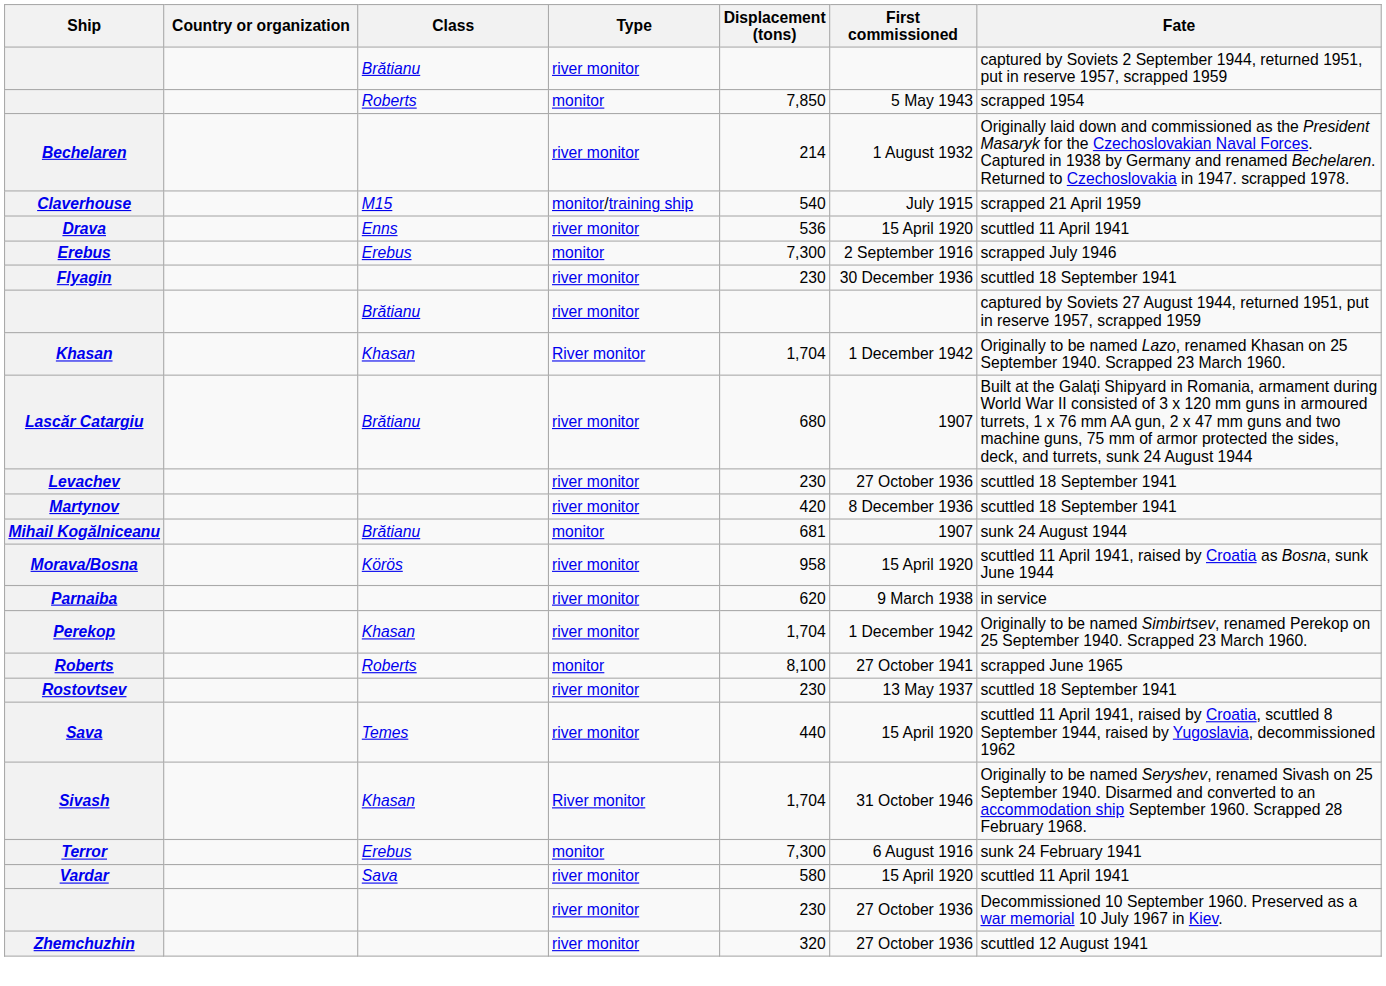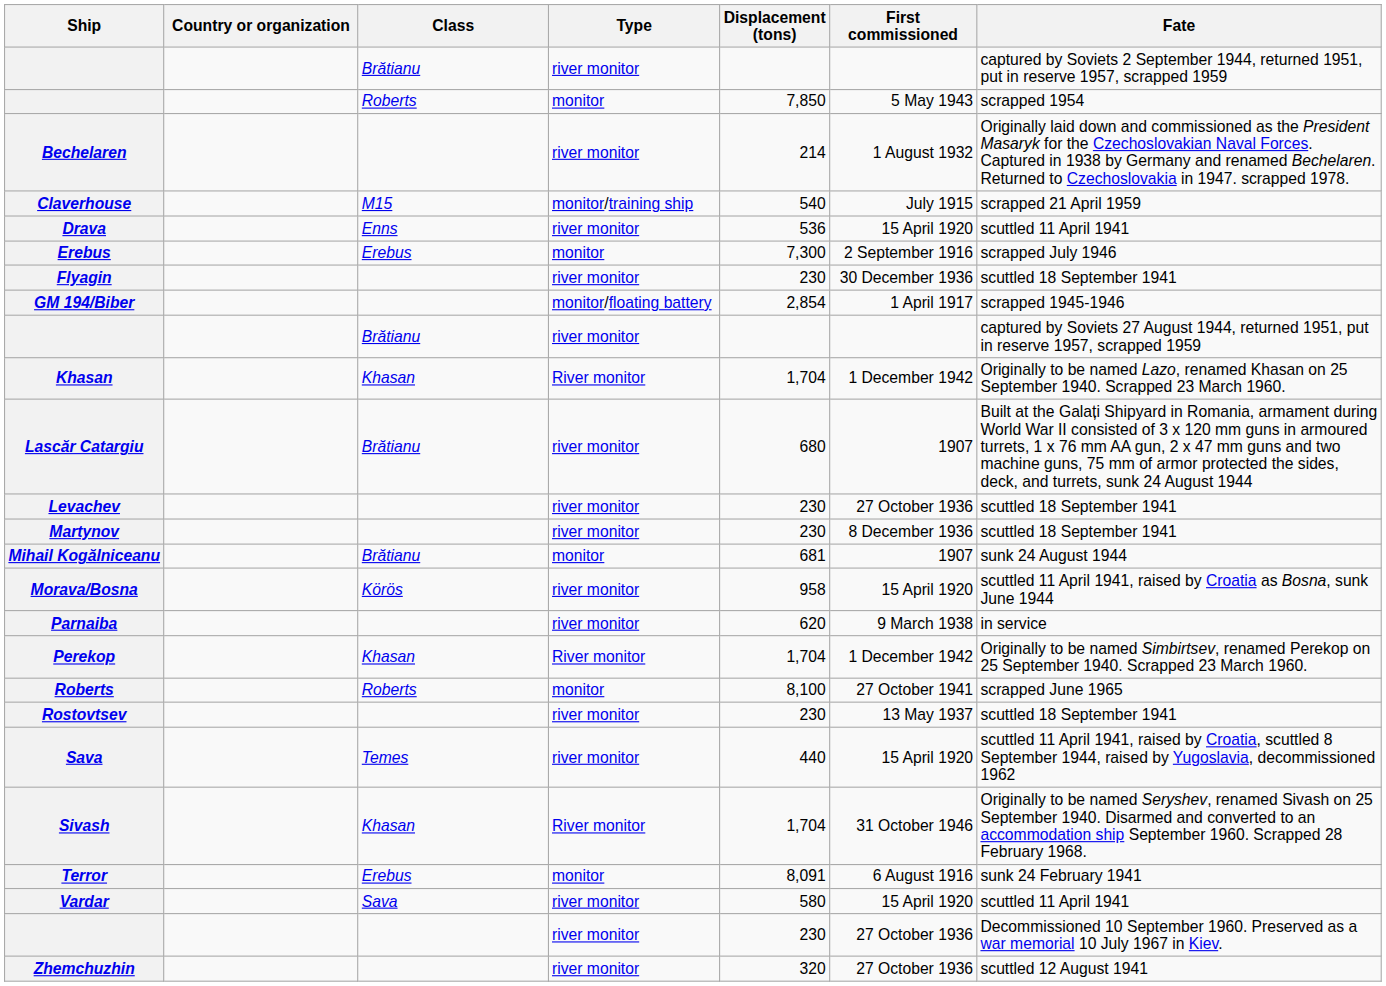 <table class="wikitable sortable plainrowheaders" style="width:100%; font-size: 90%">
 <tr>
 <th scope="col" style="width:12%;">Ship</th>
 <th scope="col" style="width:15%;">Country or organization</th>
 <th scope="col" style="width:15%;">Class</th>
 <th scope="col" style="width:13%;">Type</th>
 <th scope="col" style="width:2%;">Displacement (tons)</th>
 <th scope="col" style="width:11%;">First commissioned</th>
 <th scope="col" style="width:32%;">Fate</th>
 </tr>
 <tr>
 <th scope="row"><em></em></th>
 <td></td>
 <td><em><a href='#'>Brătianu</a></em></td>
 <td><a href='#'>river monitor</a></td>
 <td style="text-align:right;"></td>
 <td style="text-align:right;"></td>
 <td>captured by Soviets 2 September 1944, returned 1951, put in reserve 1957, scrapped 1959</td>
 </tr>
 <tr>
 <th scope="row"></th>
 <td></td>
 <td><em><a href='#'>Roberts</a></em></td>
 <td><a href='#'>monitor</a></td>
 <td style="text-align:right;">7,850</td>
 <td style="text-align:right;">5 May 1943</td>
 <td>scrapped 1954</td>
 </tr>
 <tr>
 <th scope="row"><em><a href='#'>Bechelaren</a></em></th>
 <td></td>
 <td></td>
 <td><a href='#'>river monitor</a></td>
 <td style="text-align:right;">214</td>
 <td style="text-align:right;">1 August 1932</td>
 <td>Originally laid down and commissioned as the <em>President Masaryk</em> for the <a href='#'>Czechoslovakian Naval Forces</a>. Captured in 1938 by Germany and renamed <em>Bechelaren</em>. Returned to <a href='#'>Czechoslovakia</a> in 1947. scrapped 1978.</td>
 </tr>
 <tr>
 <th scope="row"><em><a href='#'>Claverhouse</a></em></th>
 <td></td>
 <td><em><a href='#'>M15</a></em></td>
 <td><a href='#'>monitor</a>/<a href='#'>training ship</a></td>
 <td style="text-align:right;">540</td>
 <td style="text-align:right;">July 1915</td>
 <td>scrapped 21 April 1959</td>
 </tr>
 <tr>
 <th scope="row"><em><a href='#'>Drava</a></em></th>
 <td></td>
 <td><em><a href='#'>Enns</a></em></td>
 <td><a href='#'>river monitor</a></td>
 <td style="text-align:right;">536</td>
 <td style="text-align:right;">15 April 1920</td>
 <td>scuttled 11 April 1941</td>
 </tr>
 <tr>
 <th scope="row"><em><a href='#'>Erebus</a></em></th>
 <td></td>
 <td><em><a href='#'>Erebus</a></em></td>
 <td><a href='#'>monitor</a></td>
 <td style="text-align:right;">7,300</td>
 <td style="text-align:right;">2 September 1916</td>
 <td>scrapped July 1946</td>
 </tr>
 <tr>
 <th scope="row"><a href='#'><em>Flyagin</em></a></th>
 <td></td>
 <td><em></em></td>
 <td><a href='#'>river monitor</a></td>
 <td style="text-align:right;">230</td>
 <td style="text-align:right;">30 December 1936</td>
 <td>scuttled 18 September 1941</td>
 </tr>
 <tr>
+<th scope="row"><em><a href='#'>GM 194/Biber</a></em></th>
+<td><br></td>
+<td></td>
+<td><a href='#'>monitor</a>/<a href='#'>floating battery</a></td>
+<td style="text-align:right;">2,854</td>
+<td style="text-align:right;">1 April 1917</td>
+<td>scrapped 1945-1946</td>
+</tr>
+<tr>
 <th scope="row"><em></em></th>
 <td></td>
 <td><em><a href='#'>Brătianu</a></em></td>
 <td><a href='#'>river monitor</a></td>
 <td style="text-align:right;"></td>
 <td style="text-align:right;"></td>
 <td>captured by Soviets 27 August 1944, returned 1951, put in reserve 1957, scrapped 1959</td>
 </tr>
 <tr>
 <th scope="row"><em><a href='#'>Khasan</a></em></th>
 <td></td>
 <td><em><a href='#'>Khasan</a></em></td>
 <td><a href='#'>River monitor</a></td>
 <td style="text-align:right;">1,704</td>
 <td style="text-align:right;">1 December 1942</td>
 <td>Originally to be named <em>Lazo</em>, renamed Khasan on 25 September 1940. Scrapped 23 March 1960.</td>
 </tr>
 <tr>
 <th scope="row"><em><a href='#'>Lascăr Catargiu</a></em></th>
 <td></td>
 <td><em><a href='#'>Brătianu</a></em></td>
 <td><a href='#'>river monitor</a></td>
 <td style="text-align:right;">680</td>
 <td style="text-align:right;">1907</td>
 <td>Built at the Galați Shipyard in Romania, armament during World War II consisted of 3 x 120 mm guns in armoured turrets, 1 x 76 mm AA gun, 2 x 47 mm guns and two machine guns, 75 mm of armor protected the sides, deck, and turrets, sunk 24 August 1944</td>
 </tr>
 <tr>
 <th scope="row"><a href='#'><em>Levachev</em></a></th>
 <td></td>
 <td><em></em></td>
 <td><a href='#'>river monitor</a></td>
 <td style="text-align:right;">230</td>
 <td style="text-align:right;">27 October 1936</td>
 <td>scuttled 18 September 1941</td>
 </tr>
 <tr>
 <th scope="row"><a href='#'><em>Martynov</em></a></th>
 <td></td>
 <td><em></em></td>
 <td><a href='#'>river monitor</a></td>
-<td style="text-align:right;">420</td>
+<td style="text-align:right;">230</td>
 <td style="text-align:right;">8 December 1936</td>
 <td>scuttled 18 September 1941</td>
 </tr>
 <tr>
 <th scope="row"><em><a href='#'>Mihail Kogălniceanu</a></em></th>
 <td></td>
 <td><em><a href='#'>Brătianu</a></em></td>
 <td><a href='#'>monitor</a></td>
 <td style="text-align:right;">681</td>
 <td style="text-align:right;">1907</td>
 <td>sunk 24 August 1944</td>
 </tr>
 <tr>
 <th scope="row"><a href='#'><em>Morava/Bosna</em></a></th>
 <td><br></td>
 <td><em><a href='#'>Körös</a></em></td>
 <td><a href='#'>river monitor</a></td>
 <td style="text-align:right;">958</td>
 <td style="text-align:right;">15 April 1920</td>
 <td>scuttled 11 April 1941, raised by <a href='#'>Croatia</a> as <em>Bosna</em>, sunk June 1944</td>
 </tr>
 <tr>
 <th scope="row"><em><a href='#'>Parnaiba</a></em></th>
 <td></td>
 <td></td>
 <td><a href='#'>river monitor</a></td>
 <td style="text-align:right;">620</td>
 <td style="text-align:right;">9 March 1938</td>
 <td>in service</td>
 </tr>
 <tr>
 <th scope="row"><em><a href='#'>Perekop</a></em></th>
 <td></td>
 <td><em><a href='#'>Khasan</a></em></td>
-<td><a href='#'>river monitor</a></td>
+<td><a href='#'>River monitor</a></td>
 <td style="text-align:right;">1,704</td>
 <td style="text-align:right;">1 December 1942</td>
 <td>Originally to be named <em>Simbirtsev</em>, renamed Perekop on 25 September 1940. Scrapped 23 March 1960.</td>
 </tr>
 <tr>
 <th scope="row"><em><a href='#'>Roberts</a></em></th>
 <td></td>
 <td><em><a href='#'>Roberts</a></em></td>
 <td><a href='#'>monitor</a></td>
 <td style="text-align:right;">8,100</td>
 <td style="text-align:right;">27 October 1941</td>
 <td>scrapped June 1965</td>
 </tr>
 <tr>
 <th scope="row"><a href='#'><em>Rostovtsev</em></a></th>
 <td></td>
 <td><em></em></td>
 <td><a href='#'>river monitor</a></td>
 <td style="text-align:right;">230</td>
 <td style="text-align:right;">13 May 1937</td>
 <td>scuttled 18 September 1941</td>
 </tr>
 <tr>
 <th scope="row"><em><a href='#'>Sava</a></em></th>
 <td><br></td>
 <td><em><a href='#'>Temes</a></em></td>
 <td><a href='#'>river monitor</a></td>
 <td style="text-align:right;">440</td>
 <td style="text-align:right;">15 April 1920</td>
 <td>scuttled 11 April 1941, raised by <a href='#'>Croatia</a>, scuttled 8 September 1944, raised by <a href='#'>Yugoslavia</a>, decommissioned 1962</td>
 </tr>
 <tr>
 <th scope="row"><em><a href='#'>Sivash</a></em></th>
 <td></td>
 <td><em><a href='#'>Khasan</a></em></td>
 <td><a href='#'>River monitor</a></td>
 <td style="text-align:right;">1,704</td>
 <td style="text-align:right;">31 October 1946</td>
 <td>Originally to be named <em>Seryshev</em>, renamed Sivash on 25 September 1940. Disarmed and converted to an <a href='#'>accommodation ship</a> September 1960. Scrapped 28 February 1968.</td>
 </tr>
 <tr>
 <th scope="row"><em><a href='#'>Terror</a></em></th>
 <td></td>
 <td><em><a href='#'>Erebus</a></em></td>
 <td><a href='#'>monitor</a></td>
-<td style="text-align:right;">7,300</td>
+<td style="text-align:right;">8,091</td>
 <td style="text-align:right;">6 August 1916</td>
 <td>sunk 24 February 1941</td>
 </tr>
 <tr>
 <th scope="row"><em><a href='#'>Vardar</a></em></th>
 <td></td>
 <td><em><a href='#'>Sava</a></em></td>
 <td><a href='#'>river monitor</a></td>
 <td style="text-align:right;">580</td>
 <td style="text-align:right;">15 April 1920</td>
 <td>scuttled 11 April 1941</td>
 </tr>
 <tr>
 <th scope="row"><em></em></th>
 <td></td>
 <td><em></em></td>
 <td><a href='#'>river monitor</a></td>
 <td style="text-align:right;">230</td>
 <td style="text-align:right;">27 October 1936</td>
 <td>Decommissioned 10 September 1960. Preserved as a <a href='#'>war memorial</a> 10 July 1967 in <a href='#'>Kiev</a>.</td>
 </tr>
 <tr>
 <th scope="row"><a href='#'><em>Zhemchuzhin</em></a></th>
 <td></td>
 <td><em></em></td>
 <td><a href='#'>river monitor</a></td>
 <td style="text-align:right;">320</td>
 <td style="text-align:right;">27 October 1936</td>
 <td>scuttled 12 August 1941</td>
 </tr>
 </table>
